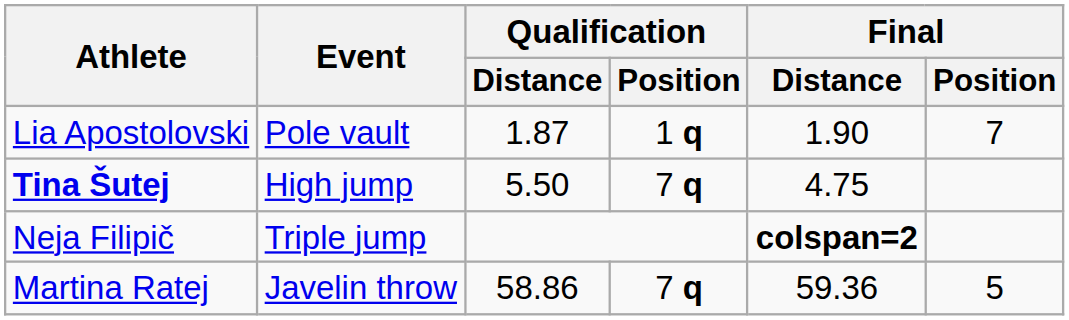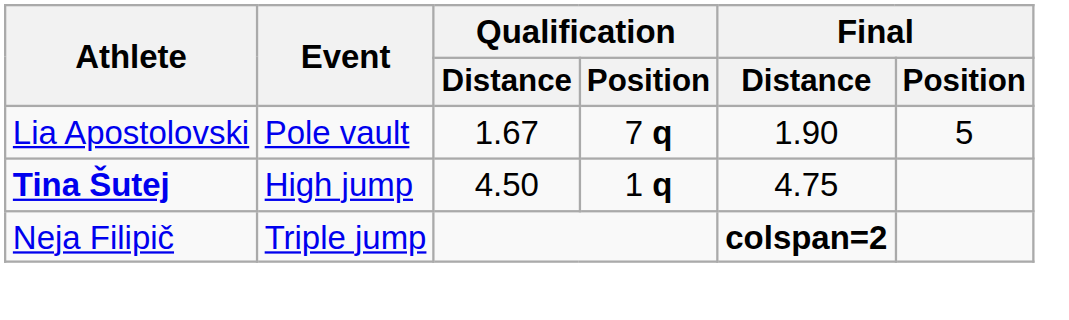 <table class="wikitable" style="font-size:90%">
 <tr>
 <th rowspan="2">Athlete</th>
 <th rowspan="2">Event</th>
 <th colspan="2">Qualification</th>
 <th colspan="2">Final</th>
 </tr>
 <tr style="font-size:95%">
 <th>Distance</th>
 <th>Position</th>
 <th>Distance</th>
 <th>Position</th>
 </tr>
 <tr align="center">
 <td align="left"><a href='#'>Lia Apostolovski</a></td>
 <td align="left"><a href='#'>Pole vault</a></td>
-<td>1.87</td>
-<td>1 <strong>q</strong></td>
+<td>1.67</td>
+<td>7 <strong>q</strong></td>
 <td>1.90</td>
-<td>7</td>
+<td>5</td>
 </tr>
 <tr align="center">
 <td align="left"><strong><a href='#'>Tina Šutej</a></strong></td>
 <td align="left"><a href='#'>High jump</a></td>
-<td>5.50</td>
-<td>7 <strong>q</strong></td>
+<td>4.50</td>
+<td>1 <strong>q</strong></td>
 <td>4.75</td>
 <td></td>
 </tr>
 <tr align="center">
 <td align="left"><a href='#'>Neja Filipič</a></td>
 <td align="left"><a href='#'>Triple jump</a></td>
 <td colspan=2></td>
 <td><strong>colspan=2 </strong></td>
 </tr>
-<tr align="center">
-<td align="left"><a href='#'>Martina Ratej</a></td>
-<td align="left"><a href='#'>Javelin throw</a></td>
-<td>58.86 </td>
-<td>7 <strong>q</strong></td>
-<td>59.36  </td>
-<td>5</td>
-</tr>
 </table>
